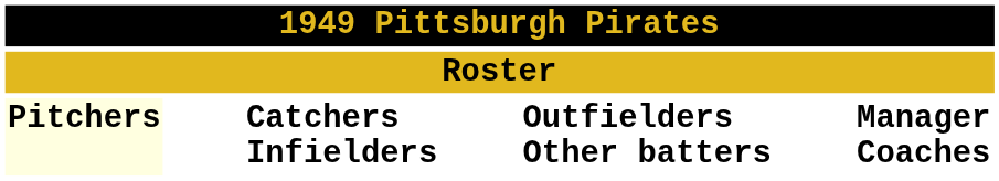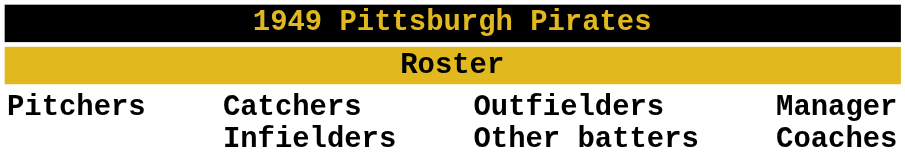 <table class="toccolours" style="font-size: 95%;">
 <tr>
 <th colspan="10" style="background-color: black; color: #e1b81e; text-align: center;">1949 Pittsburgh Pirates</th>
 </tr>
 <tr>
 <td colspan="10" style="background-color: #e1b81e; color: black; text-align: center;"><strong>Roster</strong></td>
 </tr>
 <tr>
-<td valign="top" style="background: lightyellow;"><strong>Pitchers</strong><br>              </td>
+<td valign="top"><strong>Pitchers</strong><br>              </td>
 <td width="25px"></td>
 <td valign="top"><strong>Catchers</strong><br>   <strong>Infielders</strong>          </td>
 <td width="25px"></td>
 <td valign="top"><strong>Outfielders</strong><br>        <strong>Other batters</strong> </td>
 <td width="25px"></td>
 <td valign="top"><strong>Manager</strong><br> <strong>Coaches</strong>    </td>
 </tr>
 </table>
